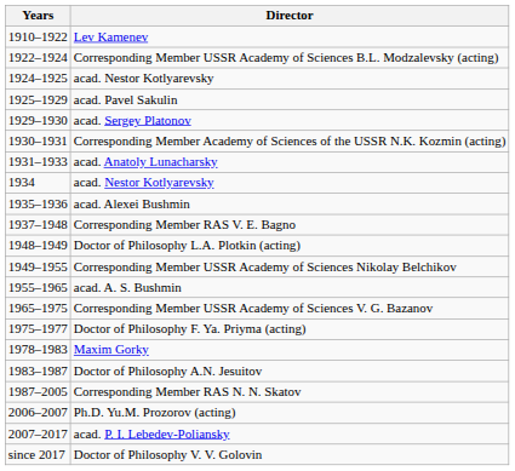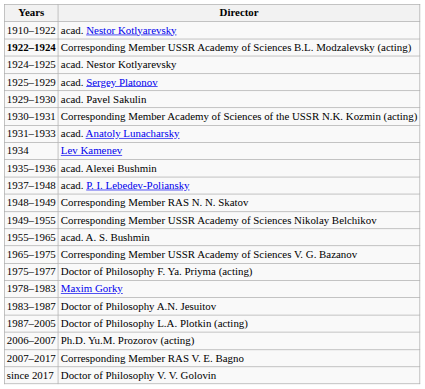 <table class="wikitable">
 <tr>
 <th>Years</th>
 <th>Director</th>
 </tr>
 <tr>
 <td>1910–1922</td>
-<td><a href='#'>Lev Kamenev</a></td>
+<td>acad. <a href='#'>Nestor Kotlyarevsky</a></td>
 </tr>
 <tr>
-<td>1922–1924</td>
+<td><strong>1922–1924</strong></td>
 <td>Corresponding Member USSR Academy of Sciences B.L. Modzalevsky (acting)</td>
 </tr>
 <tr>
 <td>1924–1925</td>
 <td>acad. Nestor Kotlyarevsky</td>
 </tr>
 <tr>
 <td>1925–1929</td>
-<td>acad. Pavel Sakulin</td>
+<td>acad. <a href='#'>Sergey Platonov</a></td>
 </tr>
 <tr>
 <td>1929–1930</td>
-<td>acad. <a href='#'>Sergey Platonov</a></td>
+<td>acad. Pavel Sakulin</td>
 </tr>
 <tr>
 <td>1930–1931</td>
 <td>Corresponding Member Academy of Sciences of the USSR N.K. Kozmin (acting)</td>
 </tr>
 <tr>
 <td>1931–1933</td>
 <td>acad. <a href='#'>Anatoly Lunacharsky</a></td>
 </tr>
 <tr>
 <td>1934</td>
-<td>acad. <a href='#'>Nestor Kotlyarevsky</a></td>
+<td><a href='#'>Lev Kamenev</a></td>
 </tr>
 <tr>
 <td>1935–1936</td>
 <td>acad. Alexei Bushmin</td>
 </tr>
 <tr>
 <td>1937–1948</td>
-<td>Corresponding Member RAS V. E. Bagno</td>
+<td>acad. <a href='#'>P. I. Lebedev-Poliansky</a></td>
 </tr>
 <tr>
 <td>1948–1949</td>
-<td>Doctor of Philosophy L.A. Plotkin (acting)</td>
+<td>Corresponding Member RAS N. N. Skatov</td>
 </tr>
 <tr>
 <td>1949–1955</td>
 <td>Corresponding Member USSR Academy of Sciences Nikolay Belchikov</td>
 </tr>
 <tr>
 <td>1955–1965</td>
 <td>acad. A. S. Bushmin</td>
 </tr>
 <tr>
 <td>1965–1975</td>
 <td>Corresponding Member USSR Academy of Sciences V. G. Bazanov</td>
 </tr>
 <tr>
 <td>1975–1977</td>
 <td>Doctor of Philosophy F. Ya. Priyma (acting)</td>
 </tr>
 <tr>
 <td>1978–1983</td>
 <td><a href='#'>Maxim Gorky</a></td>
 </tr>
 <tr>
 <td>1983–1987</td>
 <td>Doctor of Philosophy A.N. Jesuitov</td>
 </tr>
 <tr>
 <td>1987–2005</td>
-<td>Corresponding Member RAS N. N. Skatov</td>
+<td>Doctor of Philosophy L.A. Plotkin (acting)</td>
 </tr>
 <tr>
 <td>2006–2007</td>
 <td>Ph.D. Yu.M. Prozorov (acting)</td>
 </tr>
 <tr>
 <td>2007–2017</td>
-<td>acad. <a href='#'>P. I. Lebedev-Poliansky</a></td>
+<td>Corresponding Member RAS V. E. Bagno</td>
 </tr>
 <tr>
 <td>since 2017</td>
 <td>Doctor of Philosophy V. V. Golovin</td>
 </tr>
 </table>
